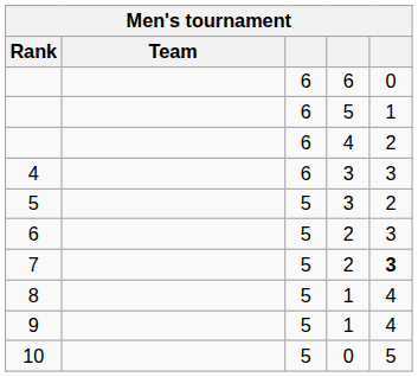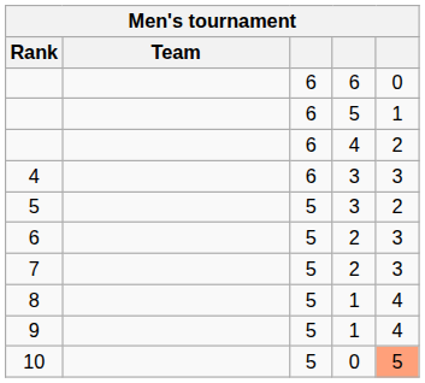 <table class="wikitable" style="text-align: center; font-size:90% ">
 <tr>
 <th colspan=9>Men's tournament</th>
 </tr>
 <tr>
 <th width=35>Rank</th>
 <th width=160>Team</th>
 <th width=25></th>
 <th width=25></th>
 <th width=25></th>
 </tr>
 <tr>
 <td></td>
 <td align=left></td>
 <td>6</td>
 <td>6</td>
 <td>0</td>
 </tr>
 <tr>
 <td></td>
 <td align=left></td>
 <td>6</td>
 <td>5</td>
 <td>1</td>
 </tr>
 <tr>
 <td></td>
 <td align=left></td>
 <td>6</td>
 <td>4</td>
 <td>2</td>
 </tr>
 <tr>
 <td>4</td>
 <td align=left></td>
 <td>6</td>
 <td>3</td>
 <td>3</td>
 </tr>
 <tr>
 <td>5</td>
 <td align=left></td>
 <td>5</td>
 <td>3</td>
 <td>2</td>
 </tr>
 <tr>
 <td>6</td>
 <td align=left></td>
 <td>5</td>
 <td>2</td>
 <td>3</td>
 </tr>
 <tr>
 <td>7</td>
 <td align=left></td>
 <td>5</td>
 <td>2</td>
-<td><strong>3</strong></td>
+<td>3</td>
 </tr>
 <tr>
 <td>8</td>
 <td align=left></td>
 <td>5</td>
 <td>1</td>
 <td>4</td>
 </tr>
 <tr>
 <td>9</td>
 <td align=left></td>
 <td>5</td>
 <td>1</td>
 <td>4</td>
 </tr>
 <tr>
 <td>10</td>
 <td align=left></td>
 <td>5</td>
 <td>0</td>
-<td>5</td>
+<td style="background: lightsalmon;">5</td>
 </tr>
 </table>
